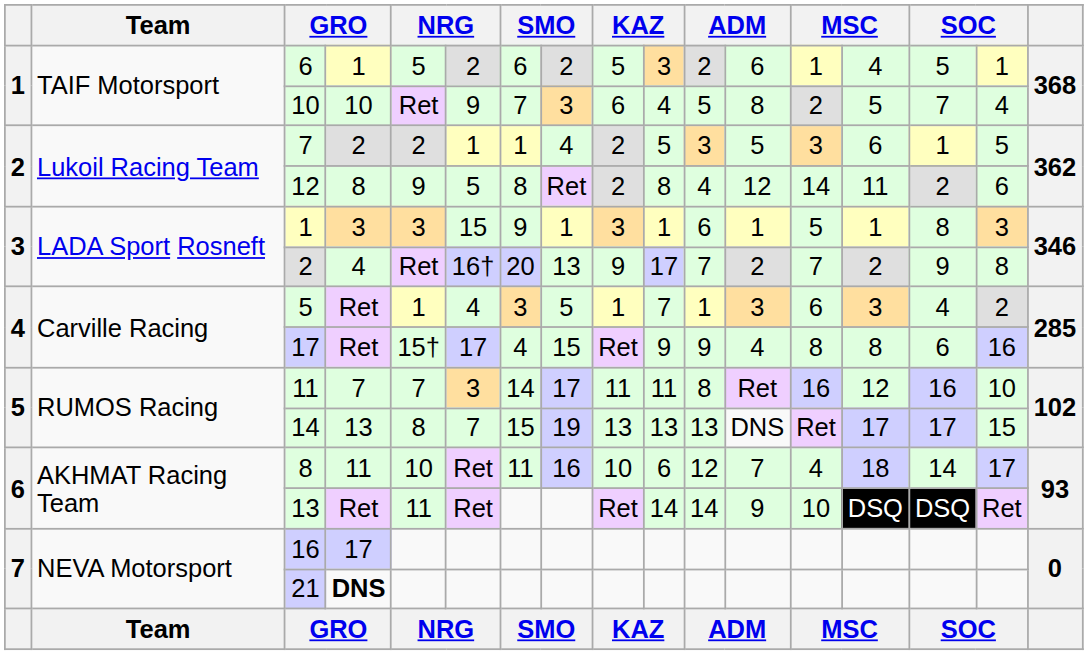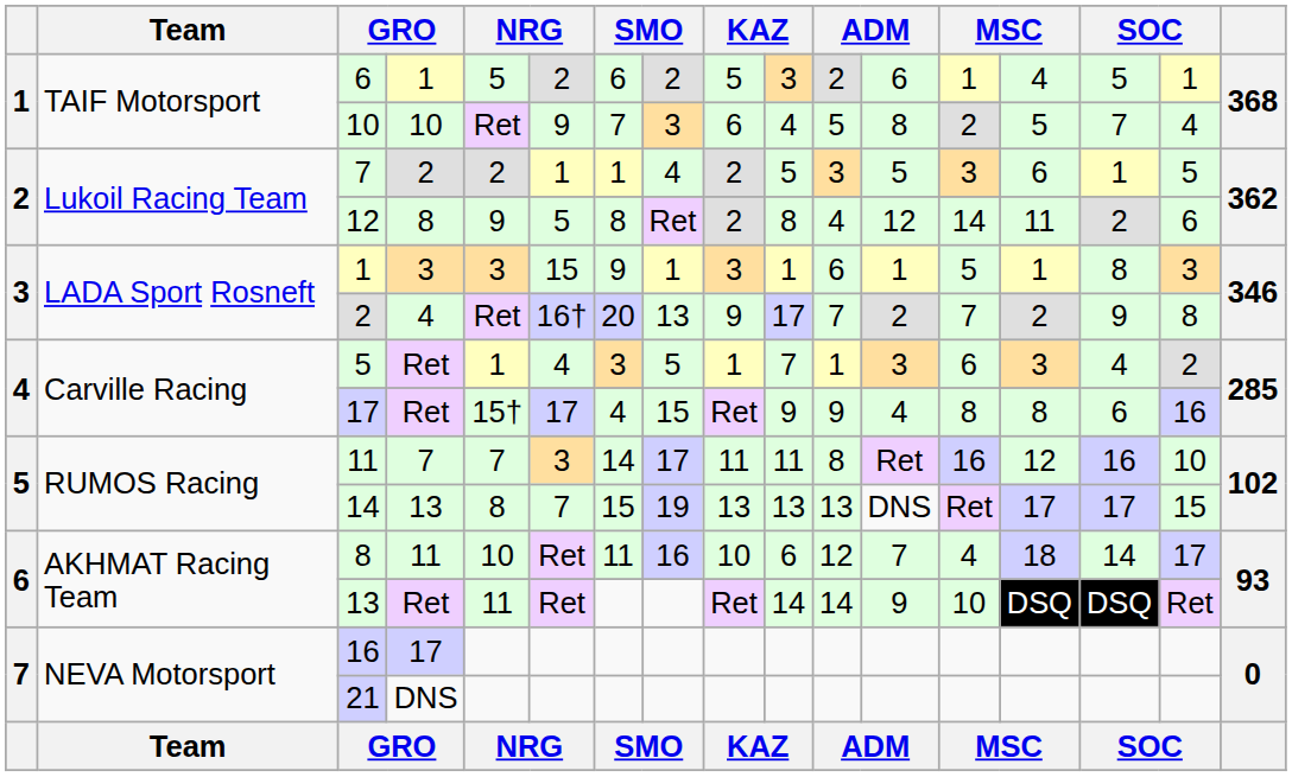 <table align=left| class="wikitable" style="font-size: 90%; text-align: center">
 <tr valign="top">
 <th valign="middle"></th>
 <th valign="middle">Team</th>
 <th colspan=2><a href='#'>GRO</a></th>
 <th colspan=2><a href='#'>NRG</a></th>
 <th colspan=2><a href='#'>SMO</a></th>
 <th colspan=2><a href='#'>KAZ</a></th>
 <th colspan=2><a href='#'>ADM</a></th>
 <th colspan=2><a href='#'>MSC</a></th>
 <th colspan=2><a href='#'>SOC</a></th>
 <th valign="middle"></th>
 </tr>
 <tr>
 <th rowspan="2">1</th>
 <td rowspan="2" align=left>TAIF Motorsport</td>
 <td style="background:#dfffdf;">6</td>
 <td style="background:#ffffbf;">1</td>
 <td style="background:#dfffdf;">5</td>
 <td style="background:#dfdfdf;">2</td>
 <td style="background:#dfffdf;">6</td>
 <td style="background:#dfdfdf;">2</td>
 <td style="background:#dfffdf;">5</td>
 <td style="background:#ffdf9f;">3</td>
 <td style="background:#dfdfdf;">2</td>
 <td style="background:#dfffdf;">6</td>
 <td style="background:#ffffbf;">1</td>
 <td style="background:#dfffdf;">4</td>
 <td style="background:#dfffdf;">5</td>
 <td style="background:#ffffbf;">1</td>
 <th rowspan="2">368</th>
 </tr>
 <tr>
 <td style="background:#dfffdf;">10</td>
 <td style="background:#dfffdf;">10</td>
 <td style="background:#efcfff;">Ret</td>
 <td style="background:#dfffdf;">9</td>
 <td style="background:#dfffdf;">7</td>
 <td style="background:#ffdf9f;">3</td>
 <td style="background:#dfffdf;">6</td>
 <td style="background:#dfffdf;">4</td>
 <td style="background:#dfffdf;">5</td>
 <td style="background:#dfffdf;">8</td>
 <td style="background:#dfdfdf;">2</td>
 <td style="background:#dfffdf;">5</td>
 <td style="background:#dfffdf;">7</td>
 <td style="background:#dfffdf;">4</td>
 </tr>
 <tr>
 <th rowspan="2">2</th>
 <td rowspan="2" align=left><a href='#'>Lukoil Racing Team</a></td>
 <td style="background:#dfffdf;">7</td>
 <td style="background:#dfdfdf;">2</td>
 <td style="background:#dfdfdf;">2</td>
 <td style="background:#ffffbf;">1</td>
 <td style="background:#ffffbf;">1</td>
 <td style="background:#dfffdf;">4</td>
 <td style="background:#dfdfdf;">2</td>
 <td style="background:#dfffdf;">5</td>
 <td style="background:#ffdf9f;">3</td>
 <td style="background:#dfffdf;">5</td>
 <td style="background:#ffdf9f;">3</td>
 <td style="background:#dfffdf;">6</td>
 <td style="background:#ffffbf;">1</td>
 <td style="background:#dfffdf;">5</td>
 <th rowspan="2">362</th>
 </tr>
 <tr>
 <td style="background:#dfffdf;">12</td>
 <td style="background:#dfffdf;">8</td>
 <td style="background:#dfffdf;">9</td>
 <td style="background:#dfffdf;">5</td>
 <td style="background:#dfffdf;">8</td>
 <td style="background:#efcfff;">Ret</td>
 <td style="background:#dfdfdf;">2</td>
 <td style="background:#dfffdf;">8</td>
 <td style="background:#dfffdf;">4</td>
 <td style="background:#dfffdf;">12</td>
 <td style="background:#dfffdf;">14</td>
 <td style="background:#dfffdf;">11</td>
 <td style="background:#dfdfdf;">2</td>
 <td style="background:#dfffdf;">6</td>
 </tr>
 <tr>
 <th rowspan="2">3</th>
 <td rowspan="2" align=left><a href='#'>LADA Sport</a> <a href='#'>Rosneft</a></td>
 <td style="background:#ffffbf;">1</td>
 <td style="background:#ffdf9f;">3</td>
 <td style="background:#ffdf9f;">3</td>
 <td style="background:#dfffdf;">15</td>
 <td style="background:#dfffdf;">9</td>
 <td style="background:#ffffbf;">1</td>
 <td style="background:#ffdf9f;">3</td>
 <td style="background:#ffffbf;">1</td>
 <td style="background:#dfffdf;">6</td>
 <td style="background:#ffffbf;">1</td>
 <td style="background:#dfffdf;">5</td>
 <td style="background:#ffffbf;">1</td>
 <td style="background:#dfffdf;">8</td>
 <td style="background:#ffdf9f;">3</td>
 <th rowspan="2">346</th>
 </tr>
 <tr>
 <td style="background:#dfdfdf;">2</td>
 <td style="background:#dfffdf;">4</td>
 <td style="background:#efcfff;">Ret</td>
 <td style="background:#cfcfff;">16†</td>
 <td style="background:#cfcfff;">20</td>
 <td style="background:#dfffdf;">13</td>
 <td style="background:#dfffdf;">9</td>
 <td style="background:#cfcfff;">17</td>
 <td style="background:#dfffdf;">7</td>
 <td style="background:#dfdfdf;">2</td>
 <td style="background:#dfffdf;">7</td>
 <td style="background:#dfdfdf;">2</td>
 <td style="background:#dfffdf;">9</td>
 <td style="background:#dfffdf;">8</td>
 </tr>
 <tr>
 <th rowspan="2">4</th>
 <td rowspan="2" align=left>Carville Racing</td>
 <td style="background:#dfffdf;">5</td>
 <td style="background:#efcfff;">Ret</td>
 <td style="background:#ffffbf;">1</td>
 <td style="background:#dfffdf;">4</td>
 <td style="background:#ffdf9f;">3</td>
 <td style="background:#dfffdf;">5</td>
 <td style="background:#ffffbf;">1</td>
 <td style="background:#dfffdf;">7</td>
 <td style="background:#ffffbf;">1</td>
 <td style="background:#ffdf9f;">3</td>
 <td style="background:#dfffdf;">6</td>
 <td style="background:#ffdf9f;">3</td>
 <td style="background:#dfffdf;">4</td>
 <td style="background:#dfdfdf;">2</td>
 <th rowspan="2">285</th>
 </tr>
 <tr>
 <td style="background:#cfcfff;">17</td>
 <td style="background:#efcfff;">Ret</td>
 <td style="background:#dfffdf;">15†</td>
 <td style="background:#cfcfff;">17</td>
 <td style="background:#dfffdf;">4</td>
 <td style="background:#dfffdf;">15</td>
 <td style="background:#efcfff;">Ret</td>
 <td style="background:#dfffdf;">9</td>
 <td style="background:#dfffdf;">9</td>
 <td style="background:#dfffdf;">4</td>
 <td style="background:#dfffdf;">8</td>
 <td style="background:#dfffdf;">8</td>
 <td style="background:#dfffdf;">6</td>
 <td style="background:#cfcfff;">16</td>
 </tr>
 <tr>
 <th rowspan="2">5</th>
 <td rowspan="2" align=left>RUMOS Racing</td>
 <td style="background:#dfffdf;">11</td>
 <td style="background:#dfffdf;">7</td>
 <td style="background:#dfffdf;">7</td>
 <td style="background:#ffdf9f;">3</td>
 <td style="background:#dfffdf;">14</td>
 <td style="background:#cfcfff;">17</td>
 <td style="background:#dfffdf;">11</td>
 <td style="background:#dfffdf;">11</td>
 <td style="background:#dfffdf;">8</td>
 <td style="background:#efcfff;">Ret</td>
 <td style="background:#cfcfff;">16</td>
 <td style="background:#dfffdf;">12</td>
 <td style="background:#cfcfff;">16</td>
 <td style="background:#dfffdf;">10</td>
 <th rowspan="2">102</th>
 </tr>
 <tr>
 <td style="background:#dfffdf;">14</td>
 <td style="background:#dfffdf;">13</td>
 <td style="background:#dfffdf;">8</td>
 <td style="background:#dfffdf;">7</td>
 <td style="background:#dfffdf;">15</td>
 <td style="background:#cfcfff;">19</td>
 <td style="background:#dfffdf;">13</td>
 <td style="background:#dfffdf;">13</td>
 <td style="background:#dfffdf;">13</td>
 <td>DNS</td>
 <td style="background:#efcfff;">Ret</td>
 <td style="background:#cfcfff;">17</td>
 <td style="background:#cfcfff;">17</td>
 <td style="background:#dfffdf;">15</td>
 </tr>
 <tr>
 <th rowspan="2">6</th>
 <td rowspan="2" align=left>AKHMAT Racing Team</td>
 <td style="background:#dfffdf;">8</td>
 <td style="background:#dfffdf;">11</td>
 <td style="background:#dfffdf;">10</td>
 <td style="background:#efcfff;">Ret</td>
 <td style="background:#dfffdf;">11</td>
 <td style="background:#cfcfff;">16</td>
 <td style="background:#dfffdf;">10</td>
 <td style="background:#dfffdf;">6</td>
 <td style="background:#dfffdf;">12</td>
 <td style="background:#dfffdf;">7</td>
 <td style="background:#dfffdf;">4</td>
 <td style="background:#cfcfff;">18</td>
 <td style="background:#dfffdf;">14</td>
 <td style="background:#cfcfff;">17</td>
 <th rowspan="2">93</th>
 </tr>
 <tr>
 <td style="background:#dfffdf;">13</td>
 <td style="background:#efcfff;">Ret</td>
 <td style="background:#dfffdf;">11</td>
 <td style="background:#efcfff;">Ret</td>
 <td></td>
 <td></td>
 <td style="background:#efcfff;">Ret</td>
 <td style="background:#dfffdf;">14</td>
 <td style="background:#dfffdf;">14</td>
 <td style="background:#dfffdf;">9</td>
 <td style="background:#dfffdf;">10</td>
 <td style="background-color:#000000;color:white">DSQ</td>
 <td style="background-color:#000000;color:white">DSQ</td>
 <td style="background:#efcfff;">Ret</td>
 </tr>
 <tr>
 <th rowspan="2">7</th>
 <td rowspan="2" align=left>NEVA Motorsport</td>
 <td style="background:#cfcfff;">16</td>
 <td style="background:#cfcfff;">17</td>
 <td></td>
 <td></td>
 <td></td>
 <td></td>
 <td></td>
 <td></td>
 <td></td>
 <td></td>
 <td></td>
 <td></td>
 <td></td>
 <td></td>
 <th rowspan="2">0</th>
 </tr>
 <tr>
 <td style="background:#cfcfff;">21</td>
-<td><strong>DNS</strong></td>
+<td>DNS</td>
 <td></td>
 <td></td>
 <td></td>
 <td></td>
 <td></td>
 <td></td>
 <td></td>
 <td></td>
 <td></td>
 <td></td>
 <td></td>
 <td></td>
 </tr>
 <tr valign="top">
 <th valign="middle"></th>
 <th valign="middle">Team</th>
 <th colspan=2><a href='#'>GRO</a></th>
 <th colspan=2><a href='#'>NRG</a></th>
 <th colspan=2><a href='#'>SMO</a></th>
 <th colspan=2><a href='#'>KAZ</a></th>
 <th colspan=2><a href='#'>ADM</a></th>
 <th colspan=2><a href='#'>MSC</a></th>
 <th colspan=2><a href='#'>SOC</a></th>
 <th valign="middle"></th>
 </tr>
 </table>
